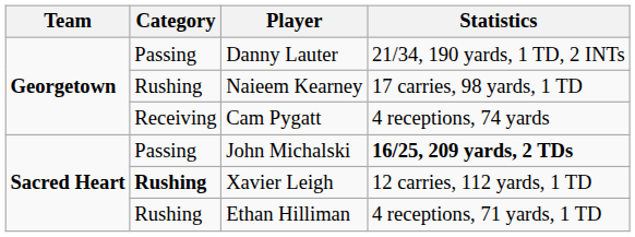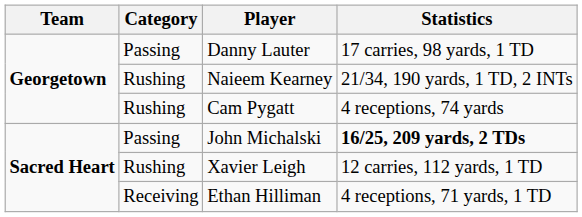 <table class="wikitable" style="float: right;">
 <tr>
 <th>Team</th>
 <th>Category</th>
 <th>Player</th>
 <th>Statistics</th>
 </tr>
 <tr>
 <td rowspan=3><strong>Georgetown</strong></td>
 <td>Passing</td>
 <td>Danny Lauter</td>
+<td>17 carries, 98 yards, 1 TD</td>
+</tr>
+<tr>
+<td>Rushing</td>
+<td>Naieem Kearney</td>
 <td>21/34, 190 yards, 1 TD, 2 INTs</td>
 </tr>
 <tr>
 <td>Rushing</td>
-<td>Naieem Kearney</td>
-<td>17 carries, 98 yards, 1 TD</td>
-</tr>
-<tr>
-<td>Receiving</td>
 <td>Cam Pygatt</td>
 <td>4 receptions, 74 yards</td>
 </tr>
 <tr>
 <td rowspan=3><strong>Sacred Heart</strong></td>
 <td>Passing</td>
 <td>John Michalski</td>
 <td><strong>16/25, 209 yards, 2 TDs</strong></td>
 </tr>
 <tr>
-<td><strong>Rushing</strong></td>
+<td>Rushing</td>
 <td>Xavier Leigh</td>
 <td>12 carries, 112 yards, 1 TD</td>
 </tr>
 <tr>
-<td>Rushing</td>
+<td>Receiving</td>
 <td>Ethan Hilliman</td>
 <td>4 receptions, 71 yards, 1 TD</td>
 </tr>
 </table>
